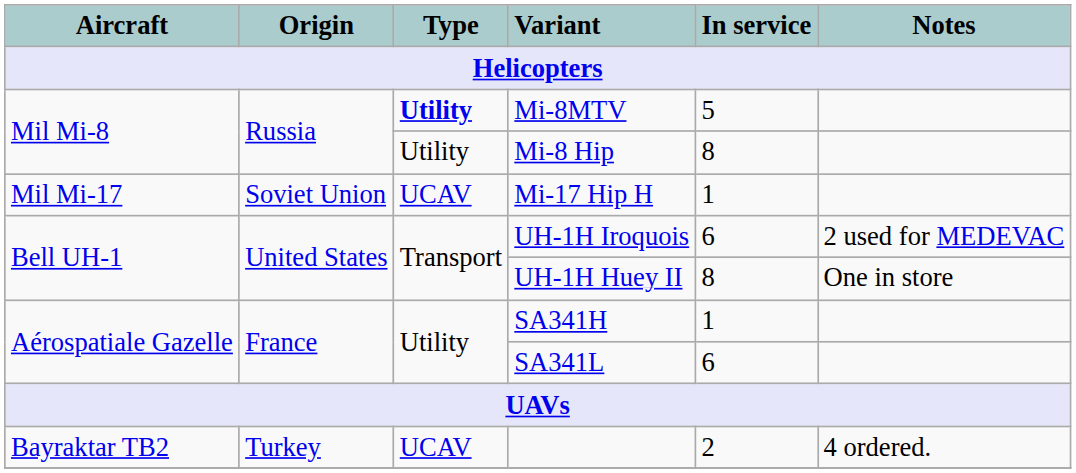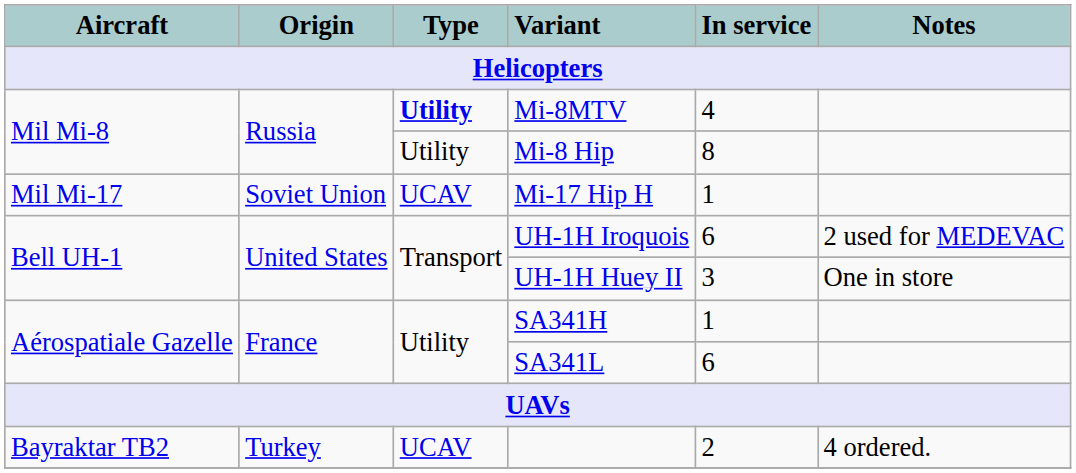 <table class="wikitable">
 <tr>
 <th style="text-align:center; background:#acc;">Aircraft</th>
 <th style="text-align: center; background:#acc;">Origin</th>
 <th style="text-align:l center; background:#acc;">Type</th>
 <th style="text-align:left; background:#acc;">Variant</th>
 <th style="text-align:center; background:#acc;">In service</th>
 <th style="text-align: center; background:#acc;">Notes</th>
 </tr>
 <tr>
 <th colspan="7" style="align: center; background: lavender;"><a href='#'>Helicopters</a></th>
 </tr>
 <tr>
 <td rowspan="2"><a href='#'>Mil Mi-8</a></td>
 <td rowspan="2"><a href='#'>Russia</a></td>
 <td><strong><a href='#'>Utility</a></strong></td>
 <td><a href='#'>Mi-8MTV</a></td>
-<td>5</td>
+<td>4</td>
 <td></td>
 </tr>
 <tr>
 <td>Utility</td>
 <td><a href='#'>Mi-8 Hip</a></td>
 <td>8</td>
 <td></td>
 </tr>
 <tr>
 <td><a href='#'>Mil Mi-17</a></td>
 <td><a href='#'>Soviet Union</a></td>
 <td><a href='#'>UCAV</a></td>
 <td><a href='#'>Mi-17 Hip H</a></td>
 <td>1</td>
 <td></td>
 </tr>
 <tr>
 <td rowspan="2"><a href='#'>Bell UH-1</a></td>
 <td rowspan="2"><a href='#'>United States</a></td>
 <td rowspan="2">Transport</td>
 <td><a href='#'>UH-1H Iroquois</a></td>
 <td>6</td>
 <td>2 used for <a href='#'>MEDEVAC</a></td>
 </tr>
 <tr>
 <td><a href='#'>UH-1H Huey II</a></td>
-<td>8</td>
+<td>3</td>
 <td>One in store</td>
 </tr>
 <tr>
 <td rowspan="2"><a href='#'>Aérospatiale Gazelle</a></td>
 <td rowspan="2"><a href='#'>France</a></td>
 <td rowspan="2">Utility</td>
 <td><a href='#'>SA341H</a></td>
 <td>1</td>
 <td></td>
 </tr>
 <tr>
 <td><a href='#'>SA341L</a></td>
 <td>6</td>
 <td></td>
 </tr>
 <tr>
 <th style="align: center; background: lavender;" colspan="6"><a href='#'>UAVs</a></th>
 </tr>
 <tr>
 <td><a href='#'>Bayraktar TB2</a></td>
 <td><a href='#'>Turkey</a></td>
 <td><a href='#'>UCAV</a></td>
 <td></td>
 <td>2</td>
 <td>4 ordered.</td>
 </tr>
 <tr>
 </tr>
 </table>
